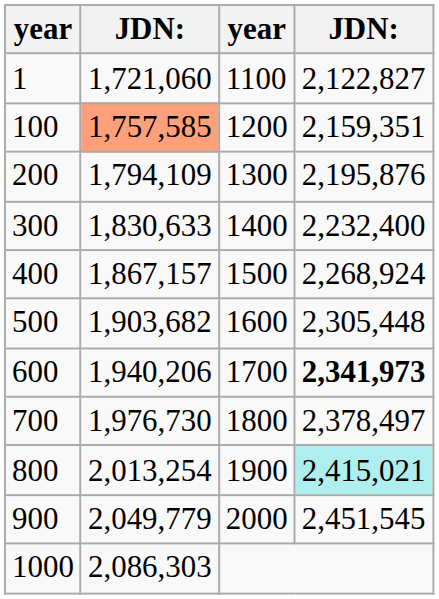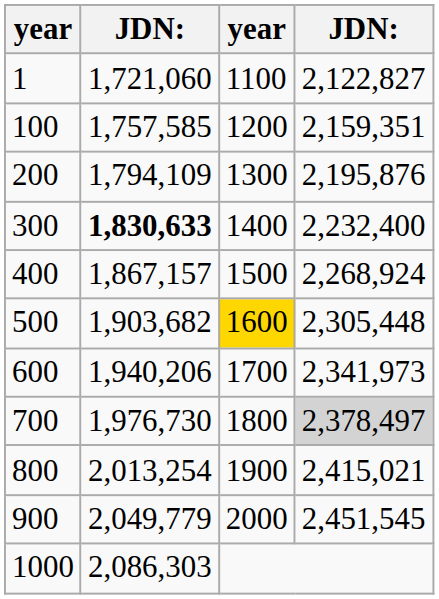 <table class="wikitable">
 <tr>
 <th>year</th>
 <th>JDN:</th>
 <th>year</th>
 <th>JDN:</th>
 </tr>
 <tr>
 <td>1</td>
 <td>1,721,060</td>
 <td>1100</td>
 <td>2,122,827</td>
 </tr>
 <tr>
 <td>100</td>
-<td style="background: lightsalmon;">1,757,585</td>
+<td>1,757,585</td>
 <td>1200</td>
 <td>2,159,351</td>
 </tr>
 <tr>
 <td>200</td>
 <td>1,794,109</td>
 <td>1300</td>
 <td>2,195,876</td>
 </tr>
 <tr>
 <td>300</td>
-<td>1,830,633</td>
+<td><strong>1,830,633</strong></td>
 <td>1400</td>
 <td>2,232,400</td>
 </tr>
 <tr>
 <td>400</td>
 <td>1,867,157</td>
 <td>1500</td>
 <td>2,268,924</td>
 </tr>
 <tr>
 <td>500</td>
 <td>1,903,682</td>
-<td>1600</td>
+<td style="background: gold;">1600</td>
 <td>2,305,448</td>
 </tr>
 <tr>
 <td>600</td>
 <td>1,940,206</td>
 <td>1700</td>
-<td><strong>2,341,973</strong></td>
+<td>2,341,973</td>
 </tr>
 <tr>
 <td>700</td>
 <td>1,976,730</td>
 <td>1800</td>
-<td>2,378,497</td>
+<td style="background: lightgrey;">2,378,497</td>
 </tr>
 <tr>
 <td>800</td>
 <td>2,013,254</td>
 <td>1900</td>
-<td style="background: paleturquoise;">2,415,021</td>
+<td>2,415,021</td>
 </tr>
 <tr>
 <td>900</td>
 <td>2,049,779</td>
 <td>2000</td>
 <td>2,451,545</td>
 </tr>
 <tr>
 <td>1000</td>
 <td>2,086,303</td>
 </tr>
 </table>
